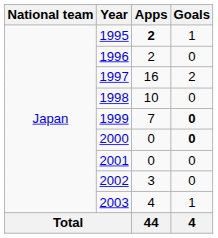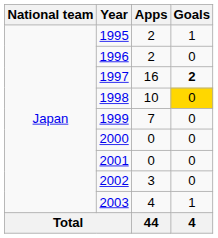 <table class="wikitable" style="text-align:center">
 <tr>
 <th>National team</th>
 <th>Year</th>
 <th>Apps</th>
 <th>Goals</th>
 </tr>
 <tr>
 <td rowspan="9"><a href='#'>Japan</a></td>
 <td><a href='#'>1995</a></td>
-<td><strong>2</strong></td>
+<td>2</td>
 <td>1</td>
 </tr>
 <tr>
 <td><a href='#'>1996</a></td>
 <td>2</td>
 <td>0</td>
 </tr>
 <tr>
 <td><a href='#'>1997</a></td>
 <td>16</td>
-<td>2</td>
+<td><strong>2</strong></td>
 </tr>
 <tr>
 <td><a href='#'>1998</a></td>
 <td>10</td>
-<td>0</td>
+<td style="background: gold;">0</td>
 </tr>
 <tr>
 <td><a href='#'>1999</a></td>
 <td>7</td>
-<td><strong>0</strong></td>
+<td>0</td>
 </tr>
 <tr>
 <td><a href='#'>2000</a></td>
 <td>0</td>
-<td><strong>0</strong></td>
+<td>0</td>
 </tr>
 <tr>
 <td><a href='#'>2001</a></td>
 <td>0</td>
 <td>0</td>
 </tr>
 <tr>
 <td><a href='#'>2002</a></td>
 <td>3</td>
 <td>0</td>
 </tr>
 <tr>
 <td><a href='#'>2003</a></td>
 <td>4</td>
 <td>1</td>
 </tr>
 <tr>
 <th colspan="2">Total</th>
 <th>44</th>
 <th>4</th>
 </tr>
 </table>
